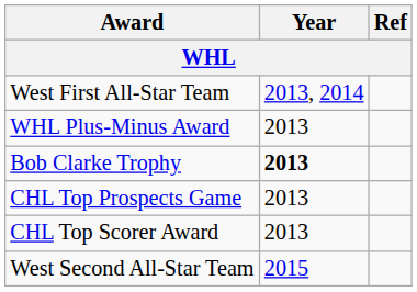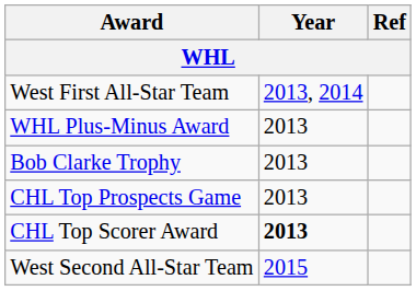 <table class="wikitable">
 <tr>
 <th>Award</th>
 <th>Year</th>
 <th>Ref</th>
 </tr>
 <tr>
 <th colspan="3"><a href='#'>WHL</a></th>
 </tr>
 <tr>
 <td>West First All-Star Team</td>
 <td><a href='#'>2013</a>, <a href='#'>2014</a></td>
 <td></td>
 </tr>
 <tr>
 <td><a href='#'>WHL Plus-Minus Award</a></td>
 <td>2013</td>
 <td></td>
 </tr>
 <tr>
 <td><a href='#'>Bob Clarke Trophy</a></td>
-<td><strong>2013</strong></td>
+<td>2013</td>
 <td></td>
 </tr>
 <tr>
 <td><a href='#'>CHL Top Prospects Game</a></td>
 <td>2013</td>
 <td></td>
 </tr>
 <tr>
 <td><a href='#'>CHL</a> Top Scorer Award</td>
-<td>2013</td>
+<td><strong>2013</strong></td>
 <td></td>
 </tr>
 <tr>
 <td>West Second All-Star Team</td>
 <td><a href='#'>2015</a></td>
 <td></td>
 </tr>
 </table>
